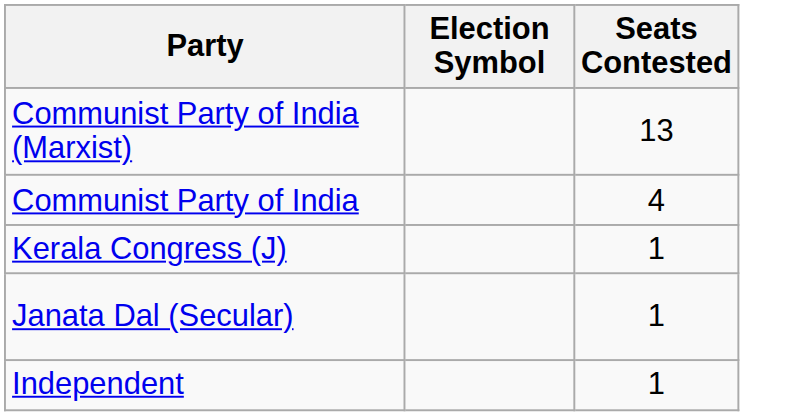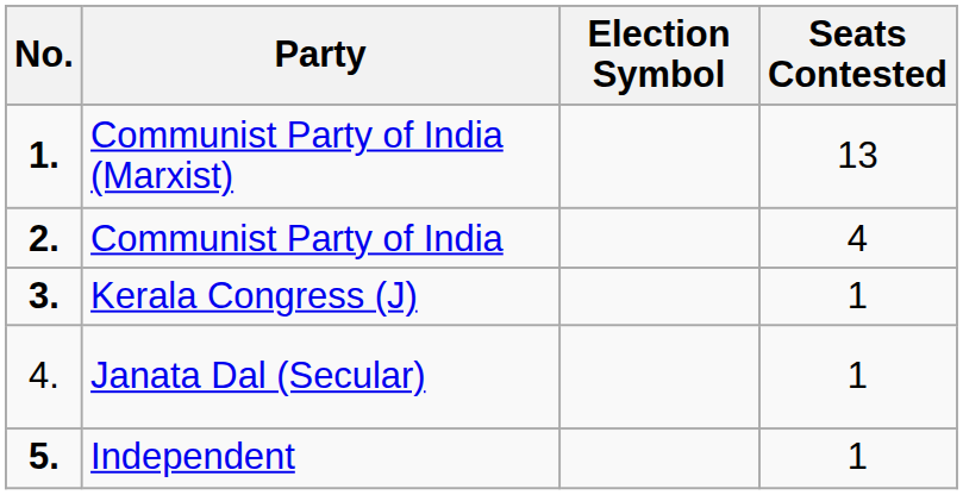 <table class="wikitable">
 <tr>
+<th scope="col" style="width:4px;">No.</th>
 <th scope="col" style="width:200px;">Party</th>
 <th scope="col" style="width:80px;">Election Symbol</th>
 <th scope="col" style="width:60px;">Seats Contested</th>
 </tr>
 <tr style="height: 45px;">
+<td style="text-align:center; background:"><strong>1.</strong></td>
 <td><a href='#'>Communist Party of India (Marxist)</a></td>
 <td></td>
 <td style="text-align:center;">13</td>
 </tr>
 <tr style="height: 4px;">
+<td style="text-align:center; background:"><strong>2.</strong></td>
 <td><a href='#'>Communist Party of India</a></td>
 <td></td>
 <td style="text-align:center;">4</td>
 </tr>
 <tr style="height: 4px;">
+<td style="text-align:center; background:"><strong>3.</strong></td>
 <td><a href='#'>Kerala Congress (J)</a></td>
 <td style="text-align:center;"></td>
 <td style="text-align:center;">1</td>
 </tr>
 <tr style="height: 45px;">
+<td ! style="text-align:center; background:">4.</td>
 <td><a href='#'>Janata Dal (Secular)</a></td>
 <td style="text-align:center;"></td>
 <td style="text-align:center;">1</td>
 </tr>
 <tr>
+<td style="text-align:center; background:"><strong>5.</strong></td>
 <td><a href='#'>Independent</a></td>
 <td style="text-align:center;"></td>
 <td style="text-align:center;">1</td>
 </tr>
 </table>
